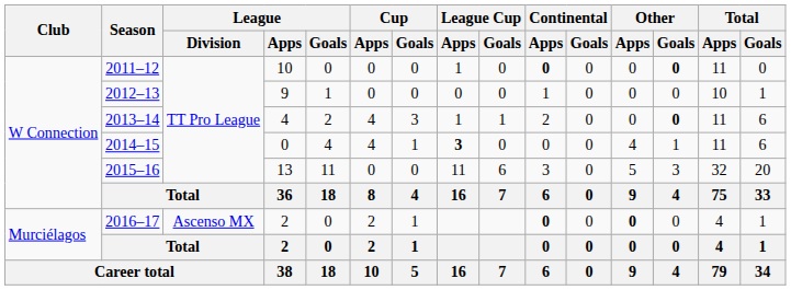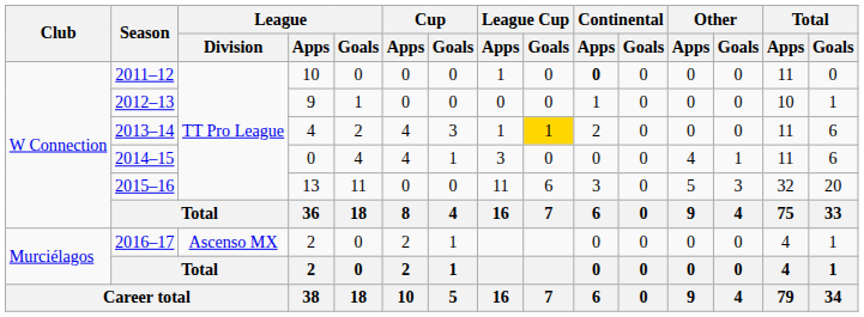 <table class="wikitable" style="text-align: center; font-size:90%;">
 <tr>
 <th rowspan="2">Club</th>
 <th rowspan="2">Season</th>
 <th colspan="3">League</th>
 <th colspan="2">Cup</th>
 <th colspan="2">League Cup</th>
 <th colspan="2">Continental</th>
 <th colspan="2">Other</th>
 <th colspan="2">Total</th>
 </tr>
 <tr>
 <th>Division</th>
 <th>Apps</th>
 <th>Goals</th>
 <th>Apps</th>
 <th>Goals</th>
 <th>Apps</th>
 <th>Goals</th>
 <th>Apps</th>
 <th>Goals</th>
 <th>Apps</th>
 <th>Goals</th>
 <th>Apps</th>
 <th>Goals</th>
 </tr>
 <tr>
 <td rowspan="6" align="left"><a href='#'>W Connection</a></td>
 <td><a href='#'>2011–12</a></td>
 <td rowspan="5"><a href='#'>TT Pro League</a></td>
 <td>10</td>
 <td>0</td>
 <td>0</td>
 <td>0</td>
 <td>1</td>
 <td>0</td>
 <td><strong>0</strong></td>
 <td>0</td>
 <td>0</td>
-<td><strong>0</strong></td>
+<td>0</td>
 <td>11</td>
 <td>0</td>
 </tr>
 <tr>
 <td><a href='#'>2012–13</a></td>
 <td>9</td>
 <td>1</td>
 <td>0</td>
 <td>0</td>
 <td>0</td>
 <td>0</td>
 <td>1</td>
 <td>0</td>
 <td>0</td>
 <td>0</td>
 <td>10</td>
 <td>1</td>
 </tr>
 <tr>
 <td><a href='#'>2013–14</a></td>
 <td>4</td>
 <td>2</td>
 <td>4</td>
 <td>3</td>
 <td>1</td>
-<td>1</td>
+<td style="background: gold;">1</td>
 <td>2</td>
 <td>0</td>
 <td>0</td>
-<td><strong>0</strong></td>
+<td>0</td>
 <td>11</td>
 <td>6</td>
 </tr>
 <tr>
 <td><a href='#'>2014–15</a></td>
 <td>0</td>
 <td>4</td>
 <td>4</td>
 <td>1</td>
-<td><strong>3</strong></td>
+<td>3</td>
 <td>0</td>
 <td>0</td>
 <td>0</td>
 <td>4</td>
 <td>1</td>
 <td>11</td>
 <td>6</td>
 </tr>
 <tr>
 <td><a href='#'>2015–16</a></td>
 <td>13</td>
 <td>11</td>
 <td>0</td>
 <td>0</td>
 <td>11</td>
 <td>6</td>
 <td>3</td>
 <td>0</td>
 <td>5</td>
 <td>3</td>
 <td>32</td>
 <td>20</td>
 </tr>
 <tr>
 <th colspan="2">Total</th>
 <th>36</th>
 <th>18</th>
 <th>8</th>
 <th>4</th>
 <th>16</th>
 <th>7</th>
 <th>6</th>
 <th>0</th>
 <th>9</th>
 <th>4</th>
 <th>75</th>
 <th>33</th>
 </tr>
 <tr>
 <td rowspan="2" align="left"><a href='#'>Murciélagos</a></td>
 <td><a href='#'>2016–17</a></td>
 <td rowspan="1"><a href='#'>Ascenso MX</a></td>
 <td>2</td>
 <td>0</td>
 <td>2</td>
 <td>1</td>
 <td></td>
 <td></td>
-<td><strong>0</strong></td>
 <td>0</td>
-<td><strong>0</strong></td>
+<td>0</td>
+<td>0</td>
 <td>0</td>
 <td>4</td>
 <td>1</td>
 </tr>
 <tr>
 <th colspan="2">Total</th>
 <th>2</th>
 <th>0</th>
 <th>2</th>
 <th>1</th>
 <th></th>
 <th></th>
 <th>0</th>
 <th>0</th>
 <th>0</th>
 <th>0</th>
 <th>4</th>
 <th>1</th>
 </tr>
 <tr>
 <th colspan=3>Career total</th>
 <th>38</th>
 <th>18</th>
 <th>10</th>
 <th>5</th>
 <th>16</th>
 <th>7</th>
 <th>6</th>
 <th>0</th>
 <th>9</th>
 <th>4</th>
 <th>79</th>
 <th>34</th>
 </tr>
 </table>
